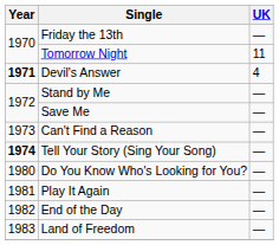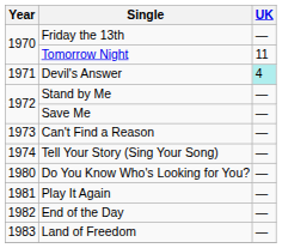 <table class="wikitable">
 <tr>
 <th>Year</th>
 <th>Single</th>
 <th><a href='#'>UK</a> <br></th>
 </tr>
 <tr>
 <td rowspan=2>1970</td>
 <td>Friday the 13th</td>
 <td>—</td>
 </tr>
 <tr>
 <td><a href='#'>Tomorrow Night</a></td>
 <td>11</td>
 </tr>
 <tr>
-<td><strong>1971</strong></td>
+<td>1971</td>
 <td>Devil's Answer</td>
-<td>4</td>
+<td style="background: paleturquoise;">4</td>
 </tr>
 <tr>
 <td rowspan=2>1972</td>
 <td>Stand by Me</td>
 <td>—</td>
 </tr>
 <tr>
 <td>Save Me </td>
 <td>—</td>
 </tr>
 <tr>
 <td>1973</td>
 <td>Can't Find a Reason </td>
 <td>—</td>
 </tr>
 <tr>
-<td><strong>1974</strong></td>
+<td>1974</td>
 <td>Tell Your Story (Sing Your Song) </td>
 <td>—</td>
 </tr>
 <tr>
 <td>1980</td>
 <td>Do You Know Who's Looking for You?</td>
 <td>—</td>
 </tr>
 <tr>
 <td>1981</td>
 <td>Play It Again</td>
 <td>—</td>
 </tr>
 <tr>
 <td>1982</td>
 <td>End of the Day</td>
 <td>—</td>
 </tr>
 <tr>
 <td>1983</td>
 <td>Land of Freedom</td>
 <td>—</td>
 </tr>
 <tr>
 </tr>
 </table>
